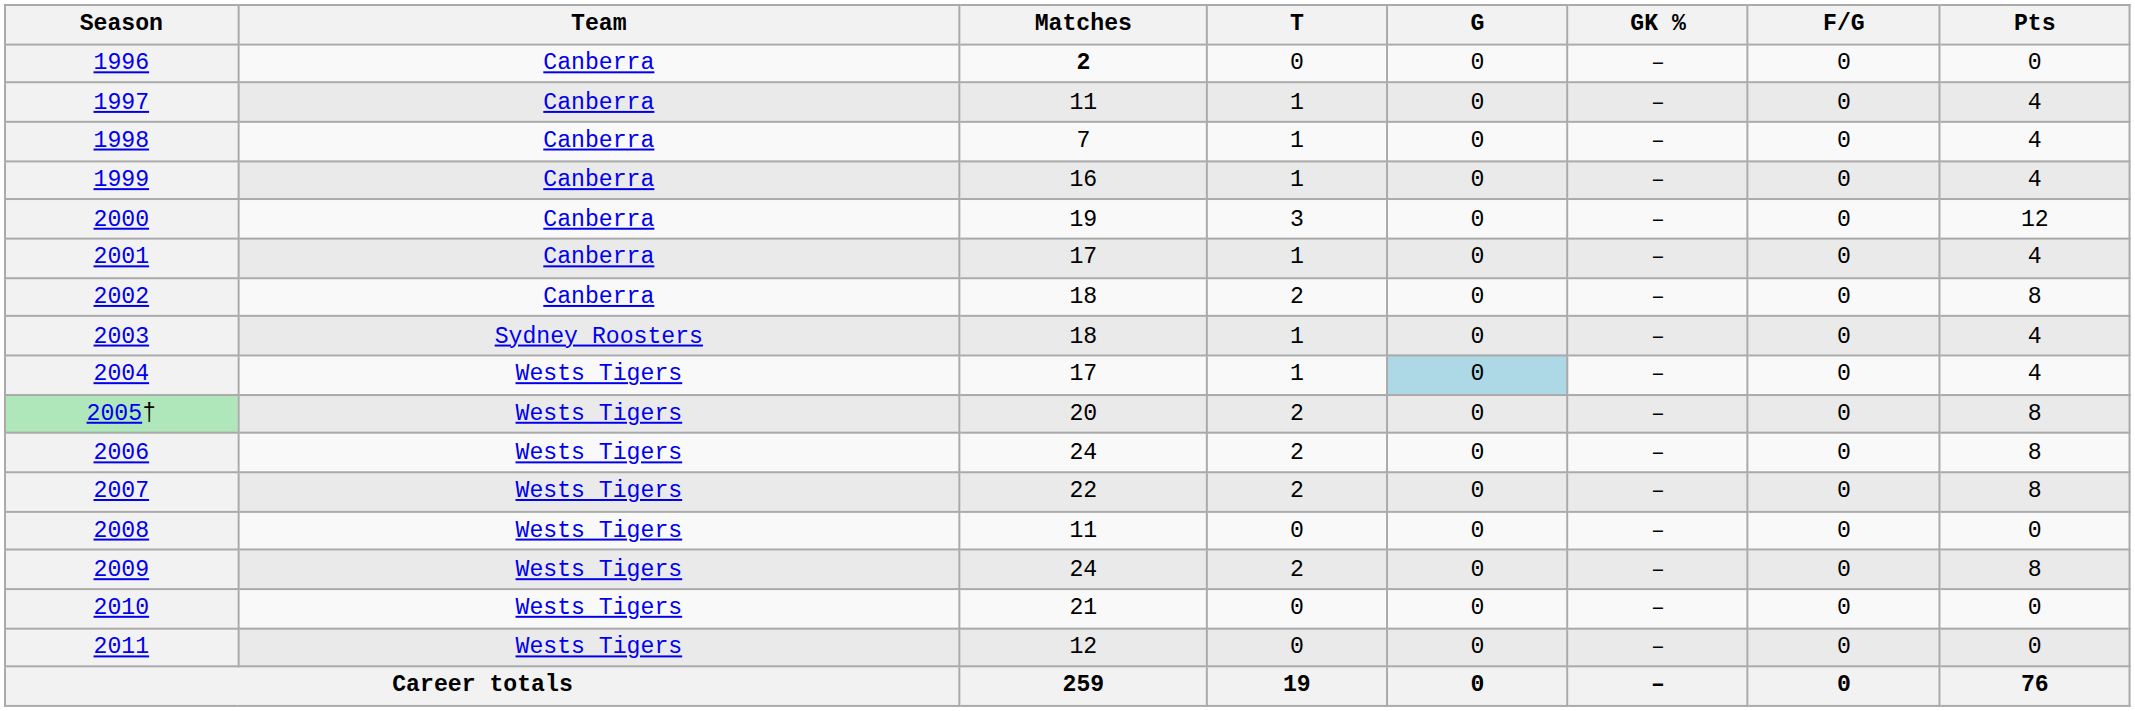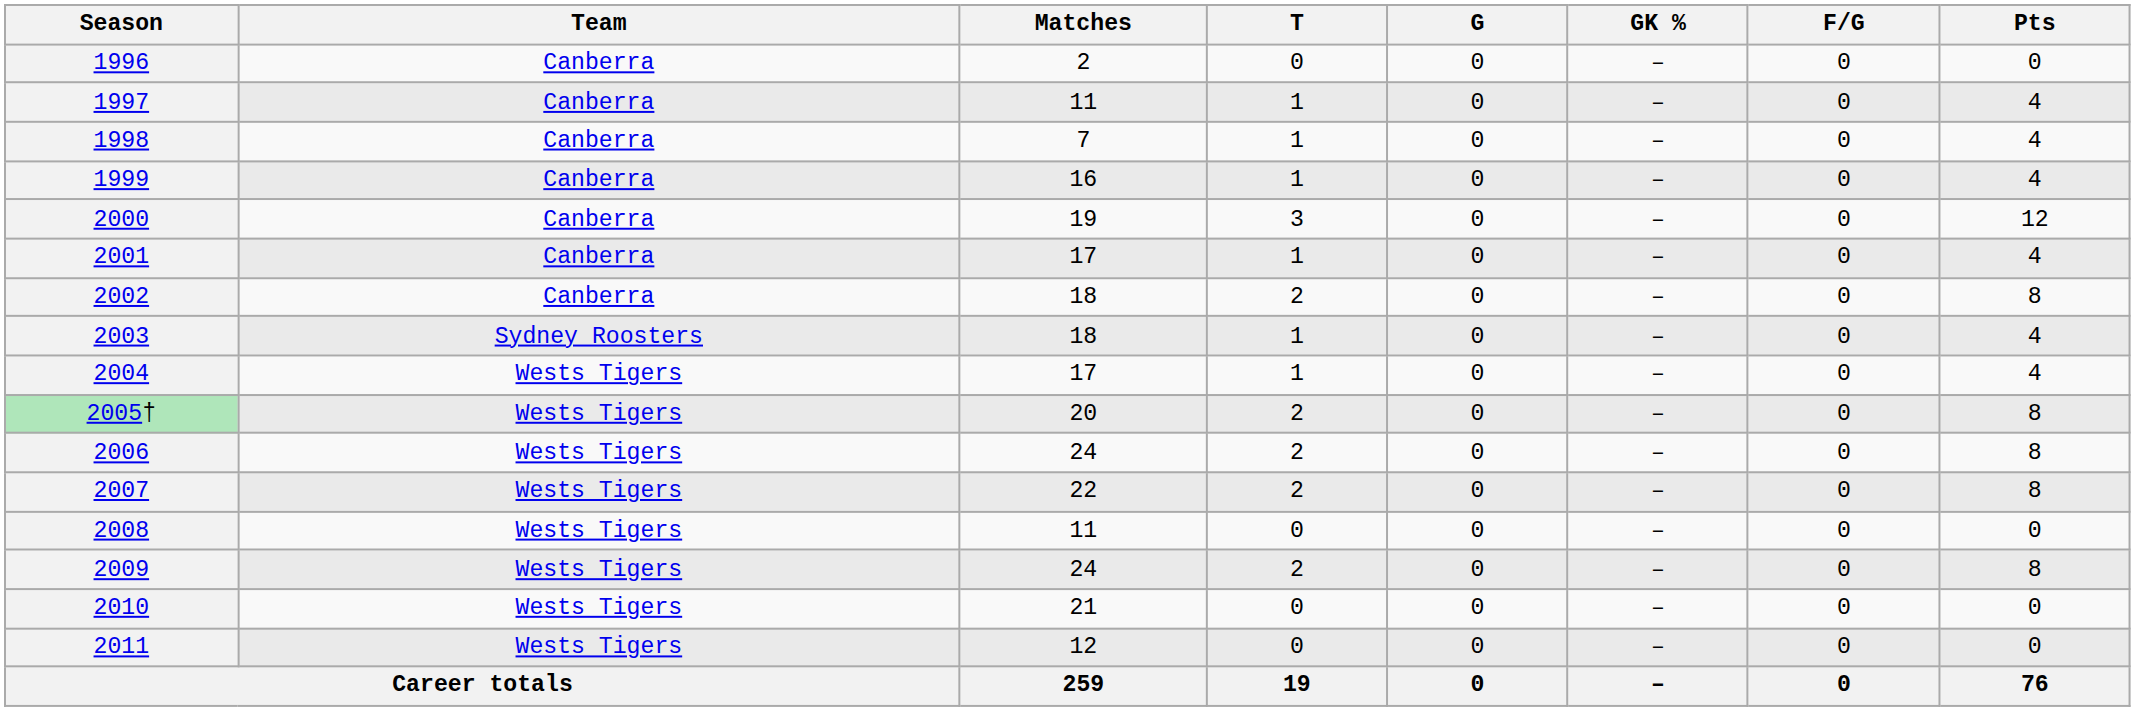 <table class="wikitable sortable"  style="font-size:90%; text-align:center; width:85%;">
 <tr>
 <th width=2%>Season</th>
 <th width=8%>Team</th>
 <th width=2%>Matches</th>
 <th width=2%>T</th>
 <th width=2%>G</th>
 <th width=2%>GK %</th>
 <th width=2%>F/G</th>
 <th width=2%>Pts</th>
 </tr>
 <tr>
 <th scope="row" style="text-align:center; font-weight:normal"><a href='#'>1996</a></th>
 <td style="text-align:center;"> <a href='#'>Canberra</a></td>
-<td><strong>2</strong></td>
+<td>2</td>
 <td>0</td>
 <td>0</td>
 <td>–</td>
 <td>0</td>
 <td>0</td>
 </tr>
 <tr style="background-color: #EAEAEA">
 <th scope="row" style="text-align:center; font-weight:normal"><a href='#'>1997</a></th>
 <td style="text-align:center;"> <a href='#'>Canberra</a></td>
 <td>11</td>
 <td>1</td>
 <td>0</td>
 <td>–</td>
 <td>0</td>
 <td>4</td>
 </tr>
 <tr>
 <th scope="row" style="text-align:center; font-weight:normal"><a href='#'>1998</a></th>
 <td style="text-align:center;"> <a href='#'>Canberra</a></td>
 <td>7</td>
 <td>1</td>
 <td>0</td>
 <td>–</td>
 <td>0</td>
 <td>4</td>
 </tr>
 <tr style="background-color: #EAEAEA">
 <th scope="row" style="text-align:center; font-weight:normal"><a href='#'>1999</a></th>
 <td style="text-align:center;"> <a href='#'>Canberra</a></td>
 <td>16</td>
 <td>1</td>
 <td>0</td>
 <td>–</td>
 <td>0</td>
 <td>4</td>
 </tr>
 <tr>
 <th scope="row" style="text-align:center; font-weight:normal"><a href='#'>2000</a></th>
 <td style="text-align:center;"> <a href='#'>Canberra</a></td>
 <td>19</td>
 <td>3</td>
 <td>0</td>
 <td>–</td>
 <td>0</td>
 <td>12</td>
 </tr>
 <tr style="background-color: #EAEAEA">
 <th scope="row" style="text-align:center; font-weight:normal"><a href='#'>2001</a></th>
 <td style="text-align:center;"> <a href='#'>Canberra</a></td>
 <td>17</td>
 <td>1</td>
 <td>0</td>
 <td>–</td>
 <td>0</td>
 <td>4</td>
 </tr>
 <tr>
 <th scope="row" style="text-align:center; font-weight:normal"><a href='#'>2002</a></th>
 <td style="text-align:center;"> <a href='#'>Canberra</a></td>
 <td>18</td>
 <td>2</td>
 <td>0</td>
 <td>–</td>
 <td>0</td>
 <td>8</td>
 </tr>
 <tr style="background-color: #EAEAEA">
 <th scope="row" style="text-align:center; font-weight:normal"><a href='#'>2003</a></th>
 <td style="text-align:center;"> <a href='#'>Sydney Roosters</a></td>
 <td>18</td>
 <td>1</td>
 <td>0</td>
 <td>–</td>
 <td>0</td>
 <td>4</td>
 </tr>
 <tr>
 <th scope="row" style="text-align:center; font-weight:normal"><a href='#'>2004</a></th>
 <td style="text-align:center;"> <a href='#'>Wests Tigers</a></td>
 <td>17</td>
 <td>1</td>
-<td style="background: lightblue;">0</td>
+<td>0</td>
 <td>–</td>
 <td>0</td>
 <td>4</td>
 </tr>
 <tr style="background-color: #EAEAEA">
 <th scope="row" style="text-align:center; font-weight:normal; background:#afe6ba;"><a href='#'>2005</a>†</th>
 <td style="text-align:center;"> <a href='#'>Wests Tigers</a></td>
 <td>20</td>
 <td>2</td>
 <td>0</td>
 <td>–</td>
 <td>0</td>
 <td>8</td>
 </tr>
 <tr>
 <th scope="row" style="text-align:center; font-weight:normal"><a href='#'>2006</a></th>
 <td style="text-align:center;"> <a href='#'>Wests Tigers</a></td>
 <td>24</td>
 <td>2</td>
 <td>0</td>
 <td>–</td>
 <td>0</td>
 <td>8</td>
 </tr>
 <tr style="background-color: #EAEAEA">
 <th scope="row" style="text-align:center; font-weight:normal"><a href='#'>2007</a></th>
 <td style="text-align:center;"> <a href='#'>Wests Tigers</a></td>
 <td>22</td>
 <td>2</td>
 <td>0</td>
 <td>–</td>
 <td>0</td>
 <td>8</td>
 </tr>
 <tr>
 <th scope="row" style="text-align:center; font-weight:normal"><a href='#'>2008</a></th>
 <td style="text-align:center;"> <a href='#'>Wests Tigers</a></td>
 <td>11</td>
 <td>0</td>
 <td>0</td>
 <td>–</td>
 <td>0</td>
 <td>0</td>
 </tr>
 <tr style="background-color: #EAEAEA">
 <th scope="row" style="text-align:center; font-weight:normal"><a href='#'>2009</a></th>
 <td style="text-align:center;"> <a href='#'>Wests Tigers</a></td>
 <td>24</td>
 <td>2</td>
 <td>0</td>
 <td>–</td>
 <td>0</td>
 <td>8</td>
 </tr>
 <tr>
 <th scope="row" style="text-align:center; font-weight:normal"><a href='#'>2010</a></th>
 <td style="text-align:center;"> <a href='#'>Wests Tigers</a></td>
 <td>21</td>
 <td>0</td>
 <td>0</td>
 <td>–</td>
 <td>0</td>
 <td>0</td>
 </tr>
 <tr style="background-color: #EAEAEA">
 <th scope="row" style="text-align:center; font-weight:normal"><a href='#'>2011</a></th>
 <td style="text-align:center;"> <a href='#'>Wests Tigers</a></td>
 <td>12</td>
 <td>0</td>
 <td>0</td>
 <td>–</td>
 <td>0</td>
 <td>0</td>
 </tr>
 <tr class="sortbottom">
 <th colspan=2>Career totals</th>
 <th>259</th>
 <th>19</th>
 <th>0</th>
 <th>–</th>
 <th>0</th>
 <th>76</th>
 </tr>
 </table>
